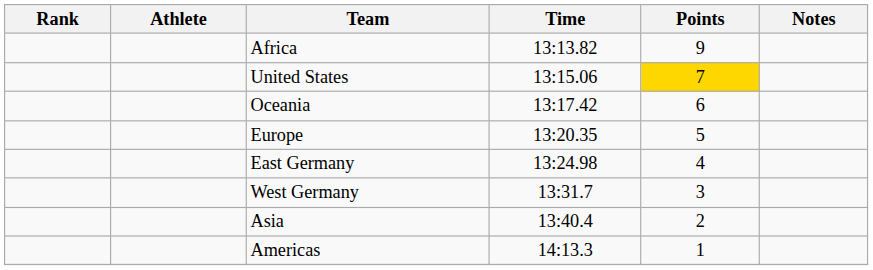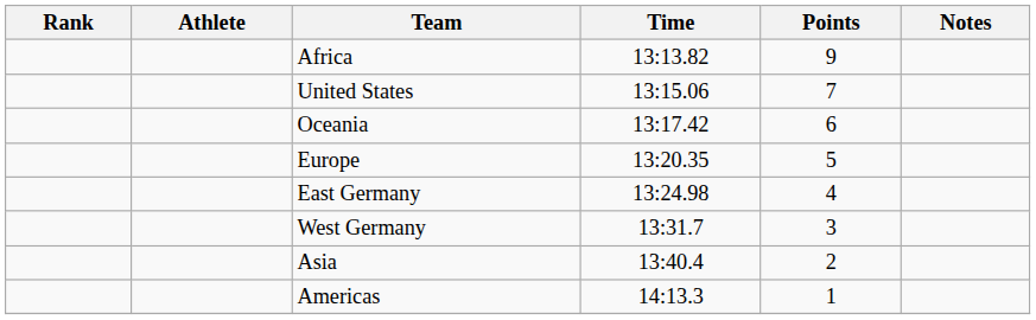 <table class="wikitable sortable" style="text-align:center" width="60%">
 <tr>
 <th>Rank</th>
 <th>Athlete</th>
 <th>Team</th>
 <th>Time</th>
 <th>Points</th>
 <th>Notes</th>
 </tr>
 <tr>
 <td></td>
 <td align="left"></td>
 <td align=left>Africa</td>
 <td>13:13.82</td>
 <td>9</td>
 <td></td>
 </tr>
 <tr>
 <td></td>
 <td align="left"></td>
 <td align=left>United States</td>
 <td>13:15.06</td>
-<td style="background: gold;">7</td>
+<td>7</td>
 <td></td>
 </tr>
 <tr>
 <td></td>
 <td align="left"></td>
 <td align=left>Oceania</td>
 <td>13:17.42</td>
 <td>6</td>
 <td></td>
 </tr>
 <tr>
 <td></td>
 <td align="left"></td>
 <td align=left>Europe</td>
 <td>13:20.35</td>
 <td>5</td>
 <td></td>
 </tr>
 <tr>
 <td></td>
 <td align="left"></td>
 <td align=left>East Germany</td>
 <td>13:24.98</td>
 <td>4</td>
 <td></td>
 </tr>
 <tr>
 <td></td>
 <td align="left"></td>
 <td align=left>West Germany</td>
 <td>13:31.7</td>
 <td>3</td>
 <td></td>
 </tr>
 <tr>
 <td></td>
 <td align="left"></td>
 <td align=left>Asia</td>
 <td>13:40.4</td>
 <td>2</td>
 <td></td>
 </tr>
 <tr>
 <td></td>
 <td align="left"></td>
 <td align=left>Americas</td>
 <td>14:13.3</td>
 <td>1</td>
 <td></td>
 </tr>
 <tr>
 </tr>
 </table>
